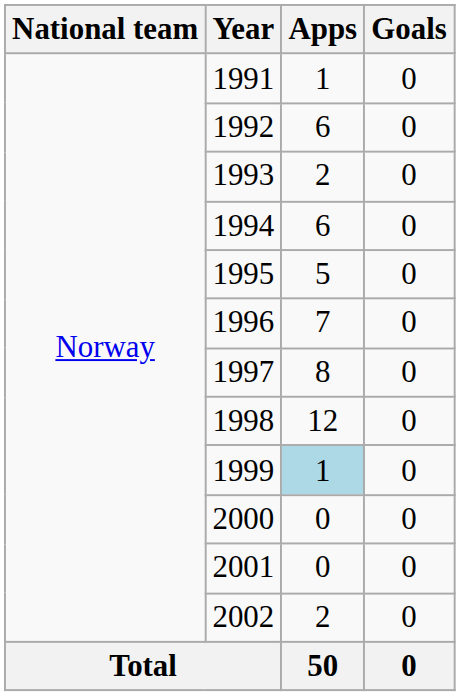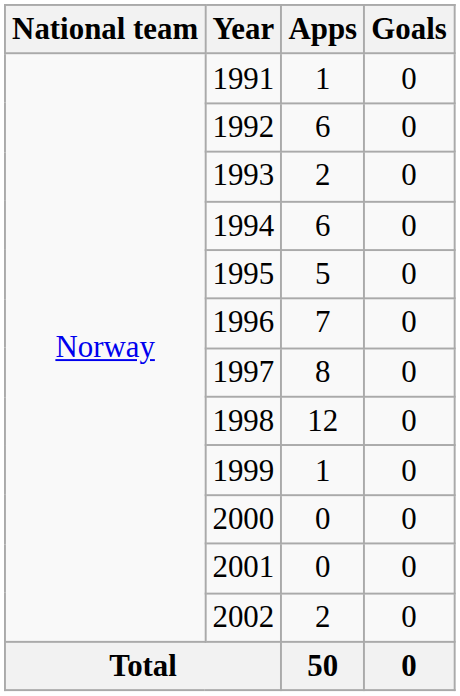 <table class="wikitable" style="text-align:center">
 <tr>
 <th>National team</th>
 <th>Year</th>
 <th>Apps</th>
 <th>Goals</th>
 </tr>
 <tr>
 <td rowspan="12"><a href='#'>Norway</a></td>
 <td>1991</td>
 <td>1</td>
 <td>0</td>
 </tr>
 <tr>
 <td>1992</td>
 <td>6</td>
 <td>0</td>
 </tr>
 <tr>
 <td>1993</td>
 <td>2</td>
 <td>0</td>
 </tr>
 <tr>
 <td>1994</td>
 <td>6</td>
 <td>0</td>
 </tr>
 <tr>
 <td>1995</td>
 <td>5</td>
 <td>0</td>
 </tr>
 <tr>
 <td>1996</td>
 <td>7</td>
 <td>0</td>
 </tr>
 <tr>
 <td>1997</td>
 <td>8</td>
 <td>0</td>
 </tr>
 <tr>
 <td>1998</td>
 <td>12</td>
 <td>0</td>
 </tr>
 <tr>
 <td>1999</td>
-<td style="background: lightblue;">1</td>
+<td>1</td>
 <td>0</td>
 </tr>
 <tr>
 <td>2000</td>
 <td>0</td>
 <td>0</td>
 </tr>
 <tr>
 <td>2001</td>
 <td>0</td>
 <td>0</td>
 </tr>
 <tr>
 <td>2002</td>
 <td>2</td>
 <td>0</td>
 </tr>
 <tr>
 <th colspan="2">Total</th>
 <th>50</th>
 <th>0</th>
 </tr>
 </table>
